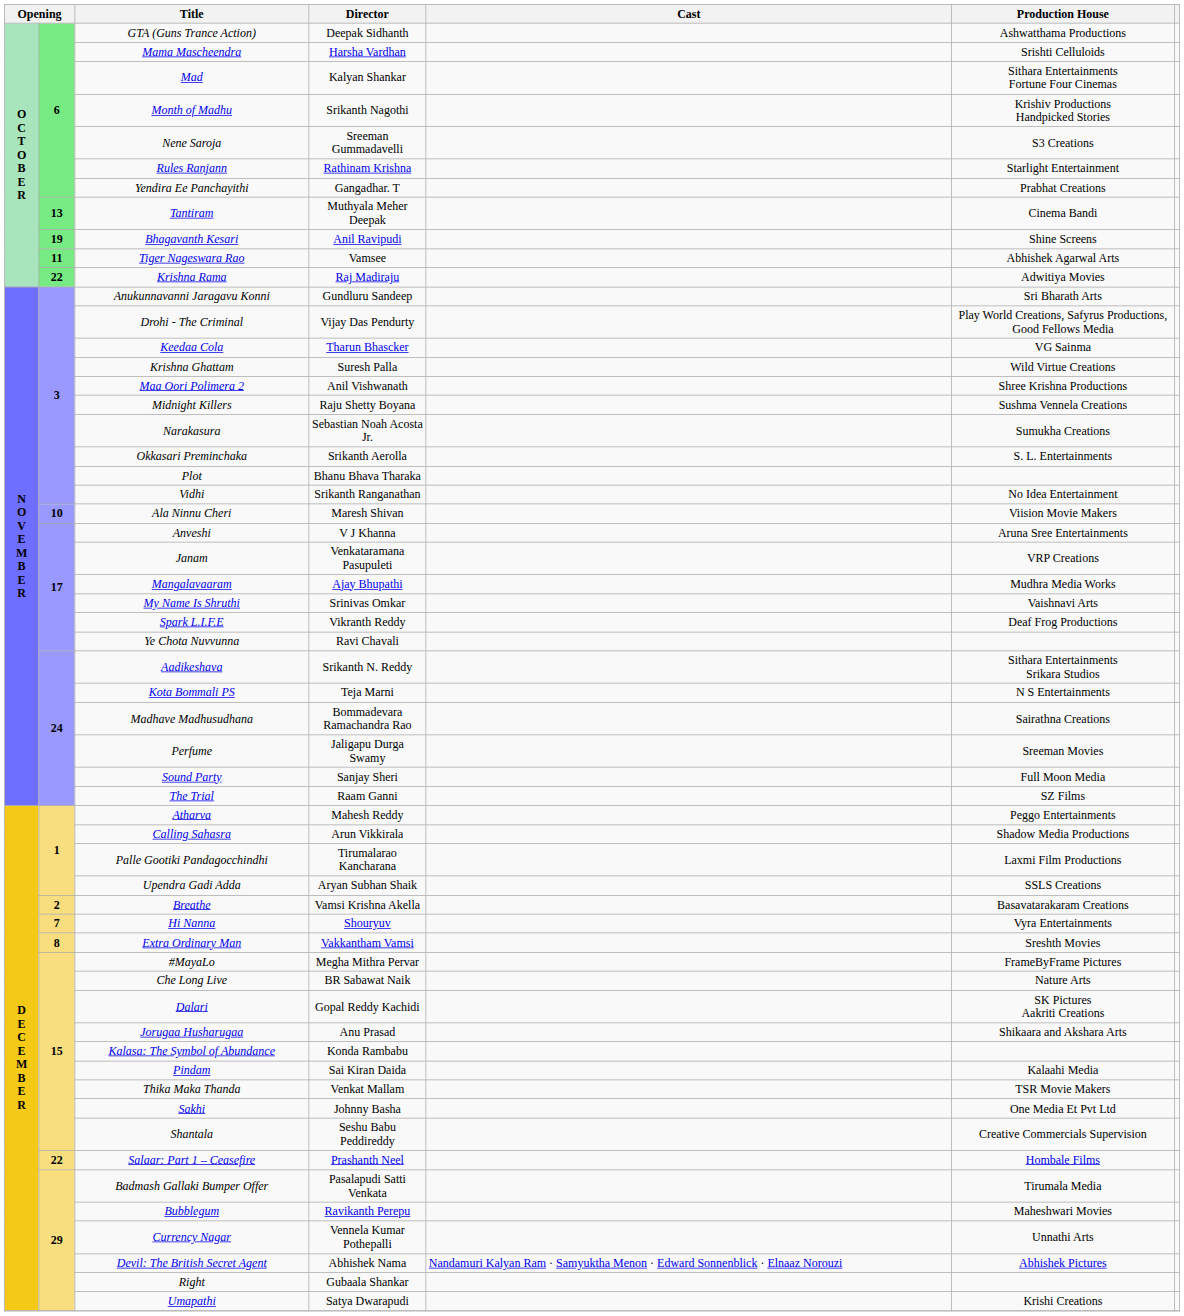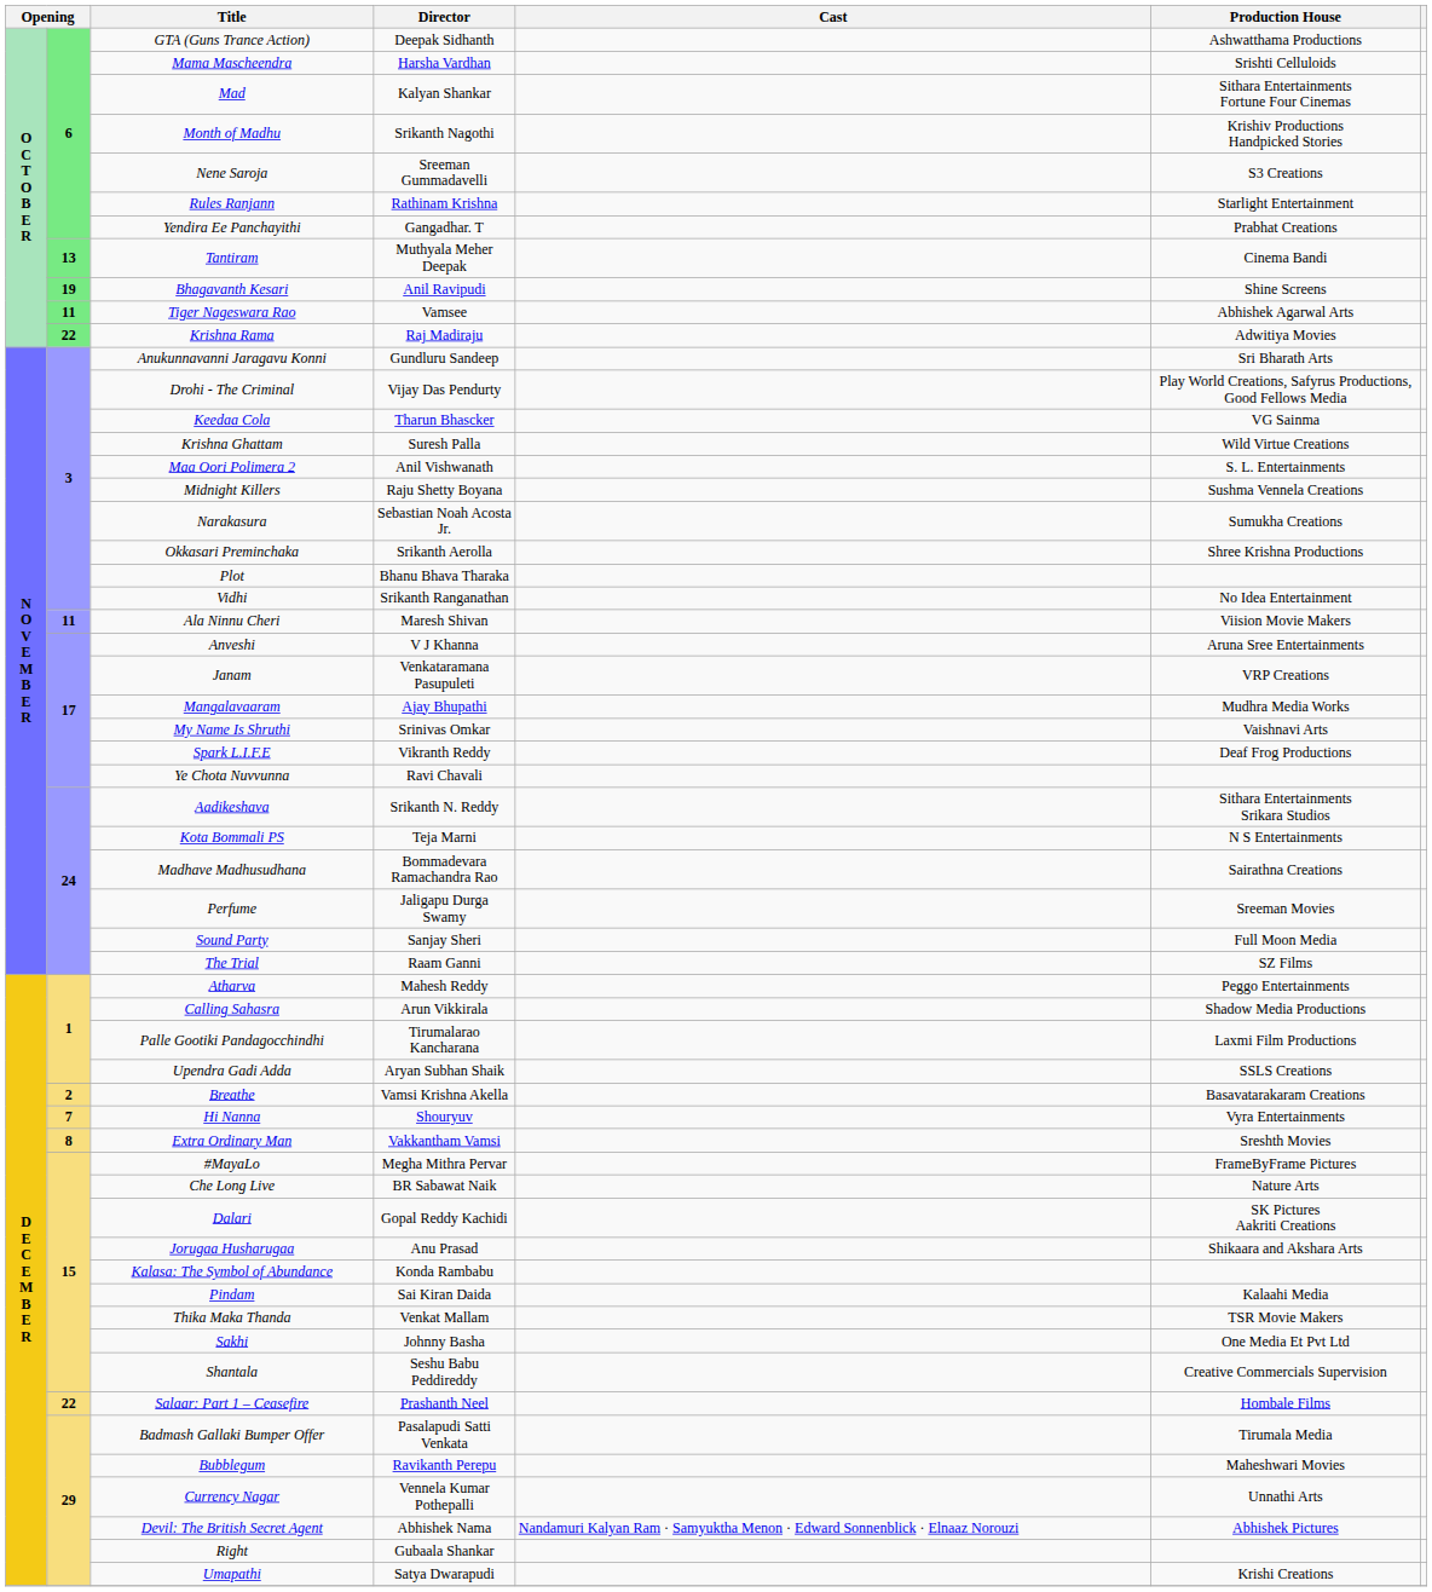 <table class="wikitable sortable">
 <tr>
 <th colspan="2" style="width:6%;"><strong>Opening</strong></th>
 <th style="width:20%;"><strong>Title</strong></th>
 <th style="width:10%;"><strong>Director</strong></th>
 <th style="width:45%;"><strong>Cast</strong></th>
 <th style="width:30%;"><strong>Production House</strong></th>
 <th class="unsortable" style="width:1%;"></th>
 </tr>
 <tr>
 <td rowspan="11" style="text-align:center; background:#a8e4bc; textcolor:#000;"><strong>O<br>C<br>T<br>O<br>B<br>E<br>R</strong></td>
 <td rowspan="7" style="text-align:center; background:#77ea83;"><strong>6</strong></td>
 <td style="text-align:center;"><em>GTA (Guns Trance Action)</em></td>
 <td style="text-align:center;">Deepak Sidhanth</td>
 <td></td>
 <td style="text-align:center;">Ashwatthama Productions</td>
 <td></td>
 </tr>
 <tr>
 <td style="text-align:center;"><em><a href='#'>Mama Mascheendra</a></em></td>
 <td style="text-align:center;"><a href='#'>Harsha Vardhan</a></td>
 <td></td>
 <td style="text-align:center;">Srishti Celluloids</td>
 <td></td>
 </tr>
 <tr>
 <td style="text-align:center;"><a href='#'><em>Mad</em></a></td>
 <td style="text-align:center;">Kalyan Shankar</td>
 <td></td>
 <td style="text-align:center;">Sithara Entertainments <br> Fortune Four Cinemas</td>
 <td></td>
 </tr>
 <tr>
 <td style="text-align:center;"><em><a href='#'>Month of Madhu</a></em></td>
 <td style="text-align:center;">Srikanth Nagothi</td>
 <td></td>
 <td style="text-align:center;">Krishiv Productions <br> Handpicked Stories</td>
 <td></td>
 </tr>
 <tr>
 <td style="text-align:center;"><em>Nene Saroja</em></td>
 <td style="text-align:center;">Sreeman Gummadavelli</td>
 <td></td>
 <td style="text-align:center;">S3 Creations</td>
 <td></td>
 </tr>
 <tr>
 <td style="text-align:center;"><em><a href='#'>Rules Ranjann</a></em></td>
 <td style="text-align:center;"><a href='#'>Rathinam Krishna</a></td>
 <td></td>
 <td style="text-align:center;">Starlight Entertainment</td>
 <td></td>
 </tr>
 <tr>
 <td style="text-align:center;"><em>Yendira Ee Panchayithi</em></td>
 <td style="text-align:center;">Gangadhar. T</td>
 <td></td>
 <td style="text-align:center;">Prabhat Creations</td>
 <td></td>
 </tr>
 <tr>
 <td rowspan="1" style="text-align:center; background:#77ea83;"><strong>13</strong></td>
 <td style="text-align:center;"><em><a href='#'>Tantiram</a></em></td>
 <td style="text-align:center;">Muthyala Meher Deepak</td>
 <td></td>
 <td style="text-align:center;">Cinema Bandi</td>
 <td></td>
 </tr>
 <tr>
 <td rowspan="1" style="text-align:center; background:#77ea83;"><strong>19</strong></td>
 <td style="text-align:center;"><em><a href='#'>Bhagavanth Kesari</a></em></td>
 <td style="text-align:center;"><a href='#'>Anil Ravipudi</a></td>
 <td></td>
 <td style="text-align:center;">Shine Screens</td>
 <td></td>
 </tr>
 <tr>
 <td rowspan="1" style="text-align:center; background:#77ea83;"><strong>11</strong></td>
 <td style="text-align:center;"><em><a href='#'>Tiger Nageswara Rao</a></em></td>
 <td style="text-align:center;">Vamsee</td>
 <td></td>
 <td style="text-align:center;">Abhishek Agarwal Arts</td>
 <td></td>
 </tr>
 <tr>
 <td style="text-align:center; background:#77ea83;"><strong>22</strong></td>
 <td style="text-align:center;"><em><a href='#'>Krishna Rama</a></em></td>
 <td style="text-align:center;"><a href='#'>Raj Madiraju</a></td>
 <td></td>
 <td style="text-align:center;">Adwitiya Movies</td>
 <td></td>
 </tr>
 <tr>
 <td rowspan="23" style="text-align:center; background:#6f6fff; textcolor:#000;"><strong>N<br>O<br>V<br>E<br>M<br>B<br>E<br>R</strong></td>
 <td rowspan="10" style="text-align:center; background:#9999ff;"><strong>3</strong></td>
 <td style="text-align:center;"><em>Anukunnavanni Jaragavu Konni</em></td>
 <td style="text-align:center;">Gundluru Sandeep</td>
 <td style="text-align:center;"></td>
 <td style="text-align:center;">Sri Bharath Arts</td>
 <td></td>
 </tr>
 <tr>
 <td style="text-align:center;"><em>Drohi - The Criminal</em></td>
 <td style="text-align:center;">Vijay Das Pendurty</td>
 <td style="text-align:center;"></td>
 <td style="text-align:center;">Play World Creations, Safyrus Productions, Good Fellows Media</td>
 <td></td>
 </tr>
 <tr>
 <td style="text-align:center;"><em><a href='#'>Keedaa Cola</a></em></td>
 <td style="text-align:center;"><a href='#'>Tharun Bhascker</a></td>
 <td style="text-align:center;"></td>
 <td style="text-align:center;">VG Sainma</td>
 <td></td>
 </tr>
 <tr>
 <td style="text-align:center;"><em>Krishna Ghattam</em></td>
 <td style="text-align:center;">Suresh Palla</td>
 <td style="text-align:center;"></td>
 <td style="text-align:center;">Wild Virtue Creations</td>
 <td></td>
 </tr>
 <tr>
 <td style="text-align:center;"><em><a href='#'>Maa Oori Polimera 2</a></em></td>
 <td style="text-align:center;">Anil Vishwanath</td>
 <td style="text-align:center;"></td>
-<td style="text-align:center;">Shree Krishna Productions</td>
+<td style="text-align:center;">S. L. Entertainments</td>
 <td></td>
 </tr>
 <tr>
 <td style="text-align:center;"><em>Midnight Killers</em></td>
 <td style="text-align:center;">Raju Shetty Boyana</td>
 <td style="text-align:center;"></td>
 <td style="text-align:center;">Sushma Vennela Creations</td>
 <td></td>
 </tr>
 <tr>
 <td style="text-align:center;"><em>Narakasura</em></td>
 <td style="text-align:center;">Sebastian Noah Acosta Jr.</td>
 <td style="text-align:center;"></td>
 <td style="text-align:center;">Sumukha Creations</td>
 <td></td>
 </tr>
 <tr>
 <td style="text-align:center;"><em>Okkasari Preminchaka</em></td>
 <td style="text-align:center;">Srikanth Aerolla</td>
 <td style="text-align:center;"></td>
-<td style="text-align:center;">S. L. Entertainments</td>
+<td style="text-align:center;">Shree Krishna Productions</td>
 <td></td>
 </tr>
 <tr>
 <td style="text-align:center;"><em>Plot</em></td>
 <td style="text-align:center;">Bhanu Bhava Tharaka</td>
 <td style="text-align:center;"></td>
 <td style="text-align:center;"></td>
 <td></td>
 </tr>
 <tr>
 <td style="text-align:center;"><em>Vidhi</em></td>
 <td style="text-align:center;">Srikanth Ranganathan</td>
 <td style="text-align:center;"></td>
 <td style="text-align:center;">No Idea Entertainment</td>
 <td></td>
 </tr>
 <tr>
-<td rowspan="1" style="text-align:center; background:#9999ff;"><strong>10</strong></td>
+<td rowspan="1" style="text-align:center; background:#9999ff;"><strong>11</strong></td>
 <td style="text-align:center;"><em>Ala Ninnu Cheri</em></td>
 <td style="text-align:center;">Maresh Shivan</td>
 <td style="text-align:center;"></td>
 <td style="text-align:center;">Viision Movie Makers</td>
 <td></td>
 </tr>
 <tr>
 <td rowspan="6" style="text-align:center; background:#9999ff;"><strong>17</strong></td>
 <td style="text-align:center;"><em>Anveshi</em></td>
 <td style="text-align:center;">V J Khanna</td>
 <td style="text-align:center;"></td>
 <td style="text-align:center;">Aruna Sree Entertainments</td>
 <td></td>
 </tr>
 <tr>
 <td style="text-align:center;"><em>Janam</em></td>
 <td style="text-align:center;">Venkataramana Pasupuleti</td>
 <td style="text-align:center;"></td>
 <td style="text-align:center;">VRP Creations</td>
 <td></td>
 </tr>
 <tr>
 <td style="text-align:center;"><em><a href='#'>Mangalavaaram</a></em></td>
 <td style="text-align:center;"><a href='#'>Ajay Bhupathi</a></td>
 <td style="text-align:center;"></td>
 <td style="text-align:center;">Mudhra Media Works</td>
 <td></td>
 </tr>
 <tr>
 <td style="text-align:center;"><em><a href='#'>My Name Is Shruthi</a></em></td>
 <td style="text-align:center;">Srinivas Omkar</td>
 <td style="text-align:center;"></td>
 <td style="text-align:center;">Vaishnavi Arts</td>
 <td></td>
 </tr>
 <tr>
 <td style="text-align:center;"><em><a href='#'>Spark L.I.F.E</a></em></td>
 <td style="text-align:center;">Vikranth Reddy</td>
 <td style="text-align:center;"></td>
 <td style="text-align:center;">Deaf Frog Productions</td>
 <td></td>
 </tr>
 <tr>
 <td style="text-align:center;"><em>Ye Chota Nuvvunna</em></td>
 <td style="text-align:center;">Ravi Chavali</td>
 <td style="text-align:center;"></td>
 <td style="text-align:center;"></td>
 <td></td>
 </tr>
 <tr>
 <td rowspan="6" style="text-align:center; background:#9999ff;"><strong>24</strong></td>
 <td style="text-align:center;"><em><a href='#'>Aadikeshava</a></em></td>
 <td style="text-align:center;">Srikanth N. Reddy</td>
 <td style="text-align:center;"></td>
 <td style="text-align:center;">Sithara Entertainments <br> Srikara Studios</td>
 <td></td>
 </tr>
 <tr>
 <td style="text-align:center;"><em><a href='#'>Kota Bommali PS</a></em></td>
 <td style="text-align:center;">Teja Marni</td>
 <td style="text-align:center;"></td>
 <td style="text-align:center;">N S Entertainments</td>
 <td></td>
 </tr>
 <tr>
 <td style="text-align:center;"><em>Madhave Madhusudhana</em></td>
 <td style="text-align:center;">Bommadevara Ramachandra Rao</td>
 <td style="text-align:center;"></td>
 <td style="text-align:center;">Sairathna Creations</td>
 <td></td>
 </tr>
 <tr>
 <td style="text-align:center;"><em>Perfume</em></td>
 <td style="text-align:center;">Jaligapu Durga Swamy</td>
 <td style="text-align:center;"></td>
 <td style="text-align:center;">Sreeman Movies</td>
 <td></td>
 </tr>
 <tr>
 <td style="text-align:center;"><em><a href='#'>Sound Party</a></em></td>
 <td style="text-align:center;">Sanjay Sheri</td>
 <td style="text-align:center;"></td>
 <td style="text-align:center;">Full Moon Media</td>
 <td></td>
 </tr>
 <tr>
 <td style="text-align:center;"><em><a href='#'>The Trial</a></em></td>
 <td style="text-align:center;">Raam Ganni</td>
 <td style="text-align:center;"></td>
 <td style="text-align:center;">SZ Films</td>
 <td></td>
 </tr>
 <tr>
 <td rowspan="23" style="text-align:center; background:#F4CA16; textcolor:#000;"><strong>D<br>E<br>C<br>E<br>M<br>B<br>E<br>R</strong></td>
 <td rowspan="4" style="text-align:center; background:#F8DE7E;"><strong>1</strong></td>
 <td style="text-align:center;"><em><a href='#'>Atharva</a></em></td>
 <td style="text-align:center;">Mahesh Reddy</td>
 <td></td>
 <td style="text-align:center;">Peggo Entertainments</td>
 <td></td>
 </tr>
 <tr>
 <td style="text-align:center;"><em><a href='#'>Calling Sahasra</a></em></td>
 <td style="text-align:center;">Arun Vikkirala</td>
 <td></td>
 <td style="text-align:center;">Shadow Media Productions</td>
 <td></td>
 </tr>
 <tr>
 <td style="text-align:center;"><em>Palle Gootiki Pandagocchindhi</em></td>
 <td style="text-align:center;">Tirumalarao Kancharana</td>
 <td></td>
 <td style="text-align:center;">Laxmi Film Productions</td>
 <td></td>
 </tr>
 <tr>
 <td style="text-align:center;"><em>Upendra Gadi Adda</em></td>
 <td style="text-align:center;">Aryan Subhan Shaik</td>
 <td></td>
 <td style="text-align:center;">SSLS Creations</td>
 <td></td>
 </tr>
 <tr>
 <td rowspan="1" style="text-align:center; background:#F8DE7E;"><strong>2</strong></td>
 <td style="text-align:center;"><em><a href='#'>Breathe</a></em></td>
 <td style="text-align:center;">Vamsi Krishna Akella</td>
 <td></td>
 <td style="text-align:center;">Basavatarakaram Creations</td>
 <td></td>
 </tr>
 <tr>
 <td style="text-align:center; background:#F8DE7E;"><strong>7</strong></td>
 <td style="text-align:center;"><em><a href='#'>Hi Nanna</a></em></td>
 <td style="text-align:center;"><a href='#'>Shouryuv</a></td>
 <td></td>
 <td style="text-align:center;">Vyra Entertainments</td>
 <td></td>
 </tr>
 <tr>
 <td rowspan="1" style="text-align:center; background:#F8DE7E;"><strong>8</strong></td>
 <td style="text-align:center;"><em><a href='#'>Extra Ordinary Man</a></em></td>
 <td style="text-align:center;"><a href='#'>Vakkantham Vamsi</a></td>
 <td></td>
 <td style="text-align:center;">Sreshth Movies</td>
 <td></td>
 </tr>
 <tr>
 <td rowspan="9" style="text-align:center; background:#F8DE7E;"><strong>15</strong></td>
 <td style="text-align:center;"><em>#MayaLo</em></td>
 <td style="text-align:center;">Megha Mithra Pervar</td>
 <td></td>
 <td style="text-align:center;">FrameByFrame Pictures</td>
 <td></td>
 </tr>
 <tr>
 <td style="text-align:center;"><em>Che Long Live</em></td>
 <td style="text-align:center;">BR Sabawat Naik</td>
 <td></td>
 <td style="text-align:center;">Nature Arts</td>
 <td></td>
 </tr>
 <tr>
 <td style="text-align:center;"><em><a href='#'>Dalari</a></em></td>
 <td style="text-align:center;">Gopal Reddy Kachidi</td>
 <td></td>
 <td style="text-align:center;">SK Pictures <br> Aakriti Creations</td>
 <td></td>
 </tr>
 <tr>
 <td style="text-align:center;"><em><a href='#'>Jorugaa Husharugaa</a></em></td>
 <td style="text-align:center;">Anu Prasad</td>
 <td></td>
 <td style="text-align:center;">Shikaara and Akshara Arts</td>
 <td></td>
 </tr>
 <tr>
 <td style="text-align:center;"><em><a href='#'>Kalasa: The Symbol of Abundance</a></em></td>
 <td style="text-align:center;">Konda Rambabu</td>
 <td></td>
 <td style="text-align:center;"></td>
 <td></td>
 </tr>
 <tr>
 <td style="text-align:center;"><em><a href='#'>Pindam</a></em></td>
 <td style="text-align:center;">Sai Kiran Daida</td>
 <td></td>
 <td style="text-align:center;">Kalaahi Media</td>
 <td></td>
 </tr>
 <tr>
 <td style="text-align:center;"><em>Thika Maka Thanda</em></td>
 <td style="text-align:center;">Venkat Mallam</td>
 <td></td>
 <td style="text-align:center;">TSR Movie Makers</td>
 <td></td>
 </tr>
 <tr>
 <td style="text-align:center;"><em><a href='#'>Sakhi</a></em></td>
 <td style="text-align:center;">Johnny Basha</td>
 <td></td>
 <td style="text-align:center;">One Media Et Pvt Ltd</td>
 <td></td>
 </tr>
 <tr>
 <td style="text-align:center;"><em>Shantala</em></td>
 <td style="text-align:center;">Seshu Babu Peddireddy</td>
 <td></td>
 <td style="text-align:center;">Creative Commercials Supervision</td>
 <td></td>
 </tr>
 <tr>
 <td style="text-align:center; background:#F8DE7E;"><strong>22</strong></td>
 <td style="text-align:center;"><a href='#'><em>Salaar: Part 1 – Ceasefire</em></a></td>
 <td style="text-align:center;"><a href='#'>Prashanth Neel</a></td>
 <td></td>
 <td style="text-align:center;"><a href='#'>Hombale Films</a></td>
 <td></td>
 </tr>
 <tr>
 <td rowspan="6" style="text-align:center; background:#F8DE7E;"><strong>29</strong></td>
 <td style="text-align:center;"><em>Badmash Gallaki Bumper Offer</em></td>
 <td style="text-align:center;">Pasalapudi Satti Venkata</td>
 <td></td>
 <td style="text-align:center;">Tirumala Media</td>
 <td></td>
 </tr>
 <tr>
 <td style="text-align:center;"><a href='#'><em>Bubblegum</em></a></td>
 <td style="text-align:center;"><a href='#'>Ravikanth Perepu</a></td>
 <td></td>
 <td style="text-align:center;">Maheshwari Movies</td>
 <td></td>
 </tr>
 <tr>
 <td style="text-align:center;"><em><a href='#'>Currency Nagar</a></em></td>
 <td style="text-align:center;">Vennela Kumar Pothepalli</td>
 <td></td>
 <td style="text-align:center;">Unnathi Arts</td>
 <td></td>
 </tr>
 <tr>
 <td style="text-align:center;"><em><a href='#'>Devil: The British Secret Agent</a></em></td>
 <td style="text-align:center;">Abhishek Nama</td>
 <td><a href='#'>Nandamuri Kalyan Ram</a> · <a href='#'>Samyuktha Menon</a> · <a href='#'>Edward Sonnenblick</a> · <a href='#'>Elnaaz Norouzi</a></td>
 <td style="text-align:center;"><a href='#'>Abhishek Pictures</a></td>
 <td></td>
 </tr>
 <tr>
 <td style="text-align:center;"><em>Right</em></td>
 <td style="text-align:center;">Gubaala Shankar</td>
 <td></td>
 <td style="text-align:center;"></td>
 <td></td>
 </tr>
 <tr>
 <td style="text-align:center;"><em><a href='#'>Umapathi</a></em></td>
 <td style="text-align:center;">Satya Dwarapudi</td>
 <td></td>
 <td style="text-align:center;">Krishi Creations</td>
 <td></td>
 </tr>
 <tr>
 </tr>
 </table>
